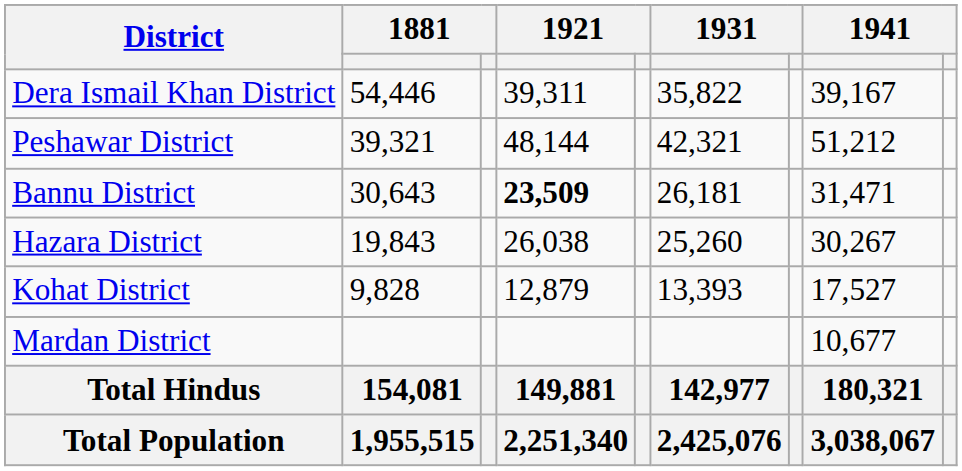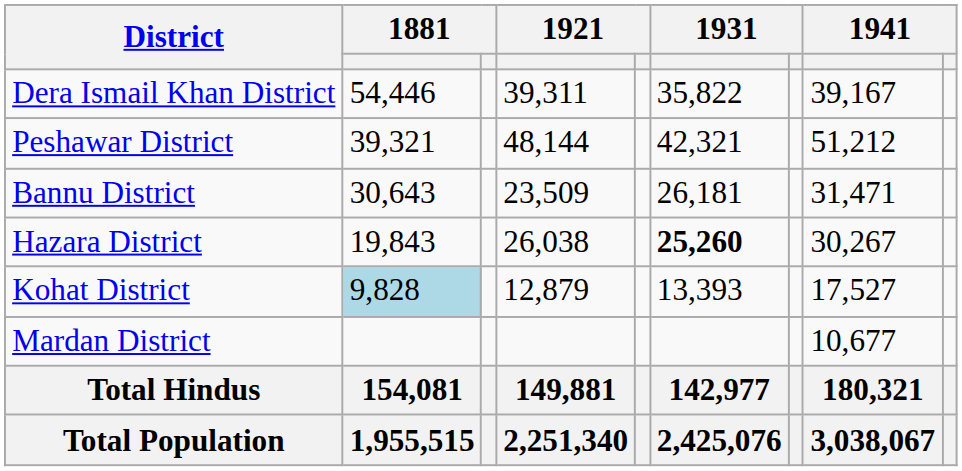 <table class="wikitable sortable">
 <tr>
 <th rowspan="2"><a href='#'>District</a></th>
 <th colspan="2">1881</th>
 <th colspan="2">1921</th>
 <th colspan="2">1931</th>
 <th colspan="2">1941</th>
 </tr>
 <tr>
 <th><a href='#'></a></th>
 <th></th>
 <th></th>
 <th></th>
 <th></th>
 <th></th>
 <th></th>
 <th></th>
 </tr>
 <tr>
 <td><a href='#'>Dera Ismail Khan District</a></td>
 <td>54,446</td>
 <td></td>
 <td>39,311</td>
 <td></td>
 <td>35,822</td>
 <td></td>
 <td>39,167</td>
 <td></td>
 </tr>
 <tr>
 <td><a href='#'>Peshawar District</a></td>
 <td>39,321</td>
 <td></td>
 <td>48,144</td>
 <td></td>
 <td>42,321</td>
 <td></td>
 <td>51,212</td>
 <td></td>
 </tr>
 <tr>
 <td><a href='#'>Bannu District</a></td>
 <td>30,643</td>
 <td></td>
-<td><strong>23,509</strong></td>
+<td>23,509</td>
 <td></td>
 <td>26,181</td>
 <td></td>
 <td>31,471</td>
 <td></td>
 </tr>
 <tr>
 <td><a href='#'>Hazara District</a></td>
 <td>19,843</td>
 <td></td>
 <td>26,038</td>
 <td></td>
-<td>25,260</td>
+<td><strong>25,260</strong></td>
 <td></td>
 <td>30,267</td>
 <td></td>
 </tr>
 <tr>
 <td><a href='#'>Kohat District</a></td>
-<td>9,828</td>
+<td style="background: lightblue;">9,828</td>
 <td></td>
 <td>12,879</td>
 <td></td>
 <td>13,393</td>
 <td></td>
 <td>17,527</td>
 <td></td>
 </tr>
 <tr>
 <td><a href='#'>Mardan District</a></td>
 <td></td>
 <td></td>
 <td></td>
 <td></td>
 <td></td>
 <td></td>
 <td>10,677</td>
 <td></td>
 </tr>
 <tr>
 <th>Total Hindus</th>
 <th>154,081</th>
 <th></th>
 <th>149,881</th>
 <th></th>
 <th>142,977</th>
 <th></th>
 <th>180,321</th>
 <th></th>
 </tr>
 <tr>
 <th>Total Population</th>
 <th>1,955,515</th>
 <th></th>
 <th>2,251,340</th>
 <th></th>
 <th>2,425,076</th>
 <th></th>
 <th>3,038,067</th>
 <th></th>
 </tr>
 </table>
